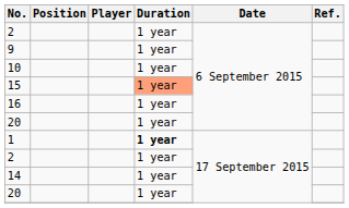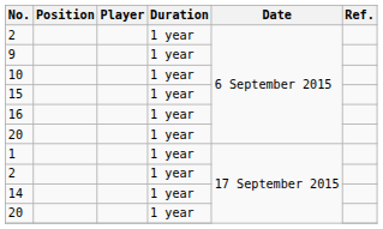 <table class="wikitable">
 <tr>
 <th scope="col">No.</th>
 <th scope="col">Position</th>
 <th scope="col">Player</th>
 <th scope="col">Duration</th>
 <th scope="col">Date</th>
 <th scope="col">Ref.</th>
 </tr>
 <tr>
 <td>2</td>
 <td></td>
 <td align="left"></td>
 <td>1 year</td>
 <td rowspan="6">6 September 2015</td>
 <td></td>
 </tr>
 <tr>
 <td>9</td>
 <td></td>
 <td align="left"></td>
 <td>1 year</td>
 <td></td>
 </tr>
 <tr>
 <td>10</td>
 <td></td>
 <td align="left"></td>
 <td>1 year</td>
 <td></td>
 </tr>
 <tr>
 <td>15</td>
 <td></td>
 <td align="left"></td>
-<td style="background: lightsalmon;">1 year</td>
+<td>1 year</td>
 <td></td>
 </tr>
 <tr>
 <td>16</td>
 <td></td>
 <td align="left"></td>
 <td>1 year</td>
 <td></td>
 </tr>
 <tr>
 <td>20</td>
 <td></td>
 <td align="left"></td>
 <td>1 year</td>
 <td></td>
 </tr>
 <tr>
 <td>1</td>
 <td></td>
 <td align="left"></td>
-<td><strong>1 year</strong></td>
+<td>1 year</td>
 <td rowspan="6">17 September 2015</td>
 <td></td>
 </tr>
 <tr>
 <td>2</td>
 <td></td>
 <td align="left"></td>
 <td>1 year</td>
 <td></td>
 </tr>
 <tr>
 <td>14</td>
 <td></td>
 <td align="left"></td>
 <td>1 year</td>
 <td></td>
 </tr>
 <tr>
 <td>20</td>
 <td></td>
 <td align="left"></td>
 <td>1 year</td>
 <td></td>
 </tr>
 <tr>
 </tr>
 </table>
